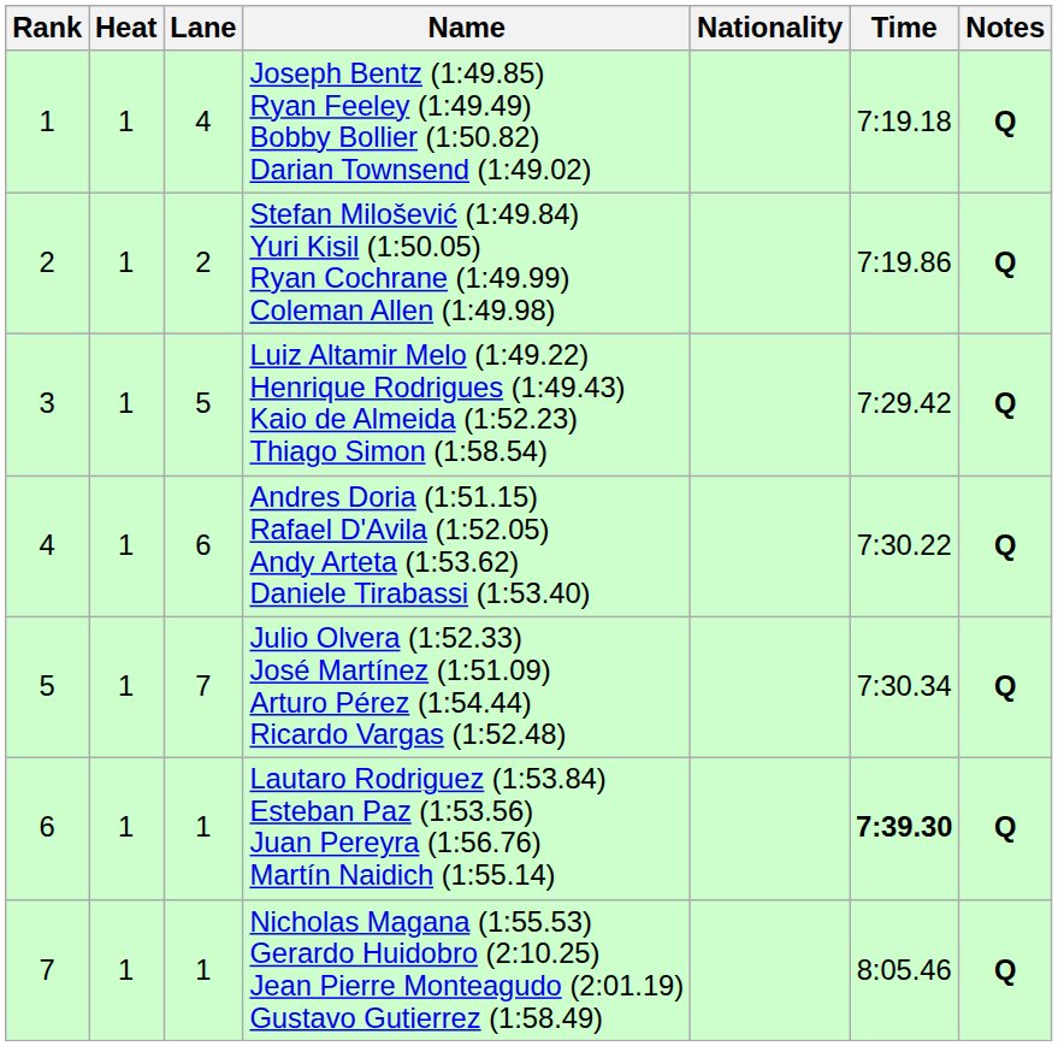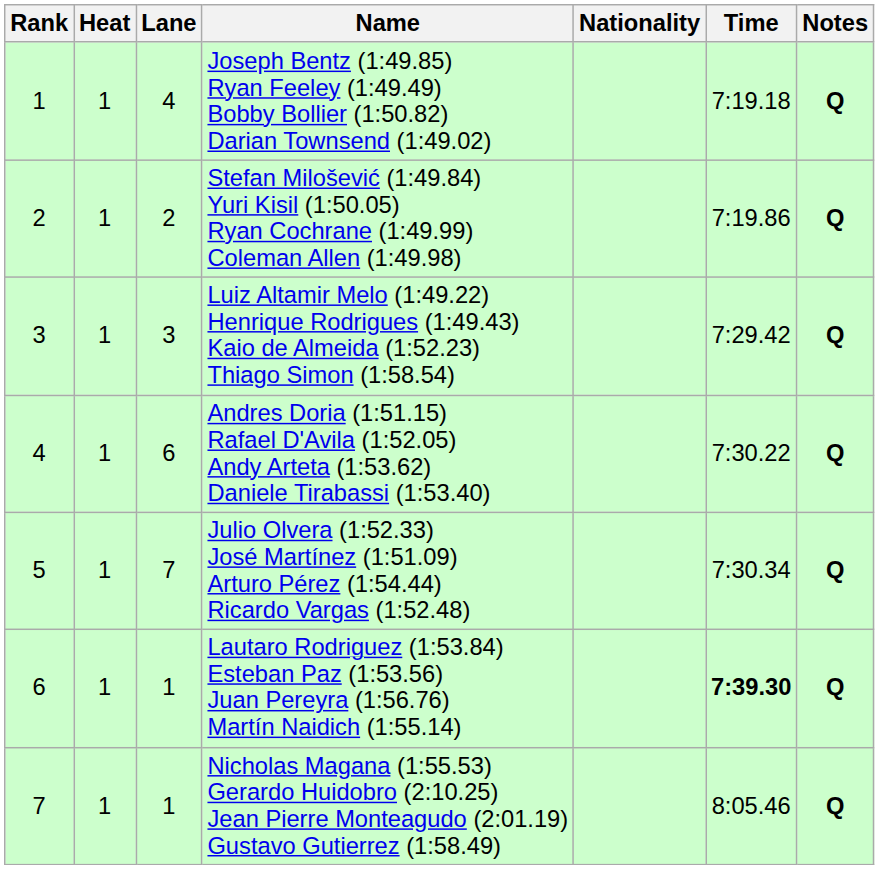 <table class="wikitable sortable" style="text-align:center">
 <tr>
 <th>Rank</th>
 <th>Heat</th>
 <th>Lane</th>
 <th>Name</th>
 <th>Nationality</th>
 <th>Time</th>
 <th>Notes</th>
 </tr>
 <tr bgcolor=ccffcc>
 <td>1</td>
 <td>1</td>
 <td>4</td>
 <td align=left><a href='#'>Joseph Bentz</a> (1:49.85)<br><a href='#'>Ryan Feeley</a> (1:49.49)<br><a href='#'>Bobby Bollier</a> (1:50.82)<br><a href='#'>Darian Townsend</a> (1:49.02)</td>
 <td align=left></td>
 <td>7:19.18</td>
 <td><strong>Q</strong></td>
 </tr>
 <tr bgcolor=ccffcc>
 <td>2</td>
 <td>1</td>
 <td>2</td>
 <td align=left><a href='#'>Stefan Milošević</a> (1:49.84)<br><a href='#'>Yuri Kisil</a> (1:50.05)<br><a href='#'>Ryan Cochrane</a> (1:49.99)<br><a href='#'>Coleman Allen</a> (1:49.98)</td>
 <td align=left></td>
 <td>7:19.86</td>
 <td><strong>Q</strong></td>
 </tr>
 <tr bgcolor=ccffcc>
 <td>3</td>
 <td>1</td>
-<td>5</td>
+<td>3</td>
 <td align=left><a href='#'>Luiz Altamir Melo</a> (1:49.22)<br><a href='#'>Henrique Rodrigues</a> (1:49.43)<br><a href='#'>Kaio de Almeida</a> (1:52.23)<br><a href='#'>Thiago Simon</a> (1:58.54)</td>
 <td align=left></td>
 <td>7:29.42</td>
 <td><strong>Q</strong></td>
 </tr>
 <tr bgcolor=ccffcc>
 <td>4</td>
 <td>1</td>
 <td>6</td>
 <td align=left><a href='#'>Andres Doria</a> (1:51.15)<br><a href='#'>Rafael D'Avila</a> (1:52.05)<br><a href='#'>Andy Arteta</a> (1:53.62)<br><a href='#'>Daniele Tirabassi</a> (1:53.40)</td>
 <td align=left></td>
 <td>7:30.22</td>
 <td><strong>Q</strong></td>
 </tr>
 <tr bgcolor=ccffcc>
 <td>5</td>
 <td>1</td>
 <td>7</td>
 <td align=left><a href='#'>Julio Olvera</a> (1:52.33)<br><a href='#'>José Martínez</a> (1:51.09)<br><a href='#'>Arturo Pérez</a> (1:54.44)<br><a href='#'>Ricardo Vargas</a> (1:52.48)</td>
 <td align=left></td>
 <td>7:30.34</td>
 <td><strong>Q</strong></td>
 </tr>
 <tr bgcolor=ccffcc>
 <td>6</td>
 <td>1</td>
 <td>1</td>
 <td align=left><a href='#'>Lautaro Rodriguez</a> (1:53.84)<br><a href='#'>Esteban Paz</a> (1:53.56)<br><a href='#'>Juan Pereyra</a> (1:56.76)<br><a href='#'>Martín Naidich</a> (1:55.14)</td>
 <td align=left></td>
 <td><strong>7:39.30</strong></td>
 <td><strong>Q</strong></td>
 </tr>
 <tr bgcolor=ccffcc>
 <td>7</td>
 <td>1</td>
 <td>1</td>
 <td align=left><a href='#'>Nicholas Magana</a> (1:55.53)<br><a href='#'>Gerardo Huidobro</a> (2:10.25)<br><a href='#'>Jean Pierre Monteagudo</a> (2:01.19)<br><a href='#'>Gustavo Gutierrez</a> (1:58.49)</td>
 <td align=left></td>
 <td>8:05.46</td>
 <td><strong>Q</strong></td>
 </tr>
 </table>
